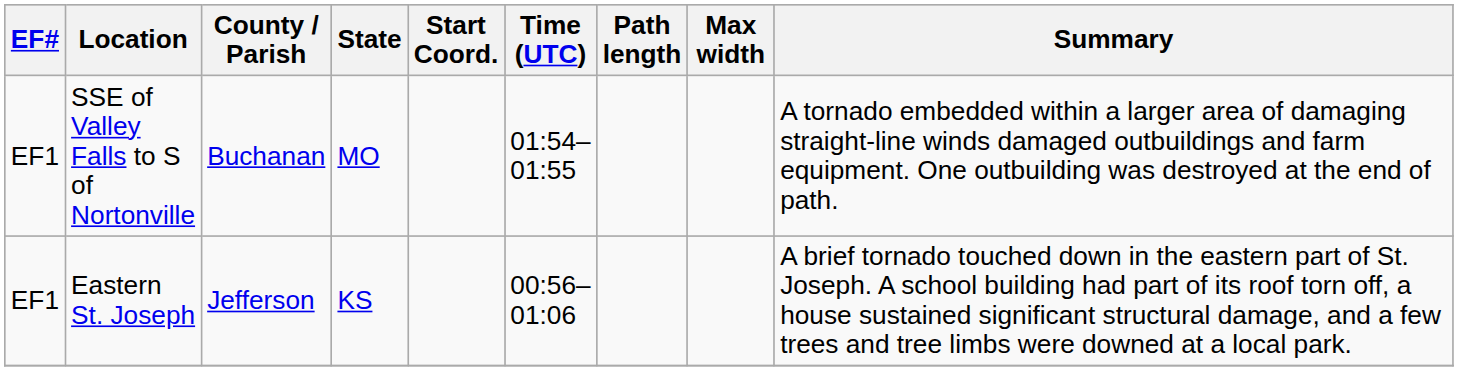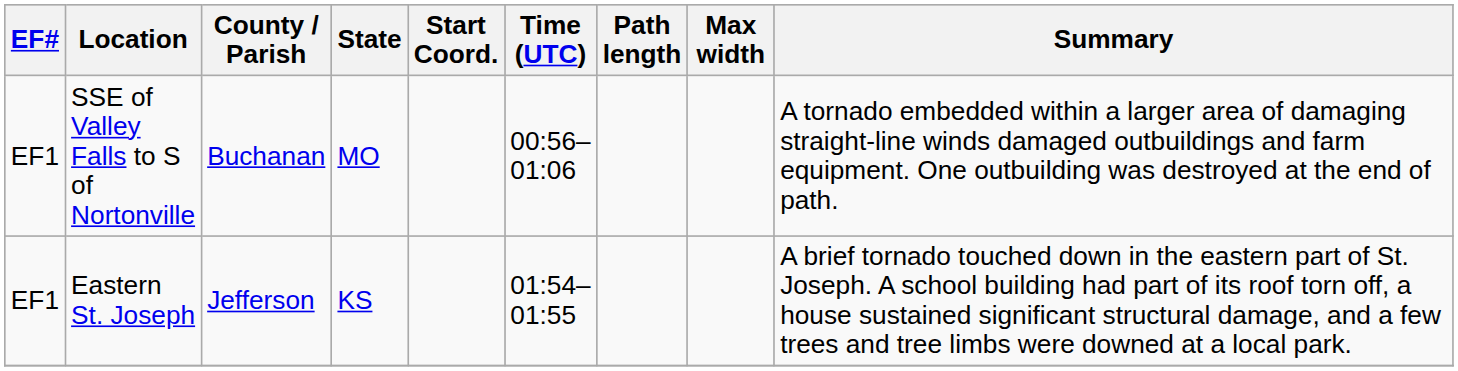 <table class="wikitable sortable" style="width:100%;">
 <tr>
 <th scope="col"  style="width:3%; text-align:center;"><a href='#'>EF#</a></th>
 <th scope="col"  style="width:7%; text-align:center;" class="unsortable">Location</th>
 <th scope="col"  style="width:6%; text-align:center;" class="unsortable">County / Parish</th>
 <th scope="col"  style="width:5%; text-align:center;">State</th>
 <th scope="col"  style="width:6%; text-align:center;">Start Coord.</th>
 <th scope="col"  style="width:6%; text-align:center;">Time (<a href='#'>UTC</a>)</th>
 <th scope="col"  style="width:6%; text-align:center;">Path length</th>
 <th scope="col"  style="width:6%; text-align:center;">Max width</th>
 <th scope="col" class="unsortable" style="width:48%; text-align:center;">Summary</th>
 </tr>
 <tr>
 <td>EF1</td>
 <td>SSE of <a href='#'>Valley Falls</a> to S of <a href='#'>Nortonville</a></td>
 <td><a href='#'>Buchanan</a></td>
 <td><a href='#'>MO</a></td>
 <td></td>
-<td>01:54–01:55</td>
+<td>00:56–01:06</td>
 <td></td>
 <td></td>
 <td>A tornado embedded within a larger area of damaging straight-line winds damaged outbuildings and farm equipment. One outbuilding was destroyed at the end of path.</td>
 </tr>
 <tr>
 <td>EF1</td>
 <td>Eastern <a href='#'>St. Joseph</a></td>
 <td><a href='#'>Jefferson</a></td>
 <td><a href='#'>KS</a></td>
 <td></td>
-<td>00:56–01:06</td>
+<td>01:54–01:55</td>
 <td></td>
 <td></td>
 <td>A brief tornado touched down in the eastern part of St. Joseph. A school building had part of its roof torn off, a house sustained significant structural damage, and a few trees and tree limbs were downed at a local park.</td>
 </tr>
 <tr>
 </tr>
 </table>
